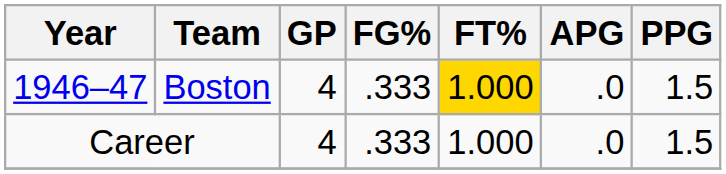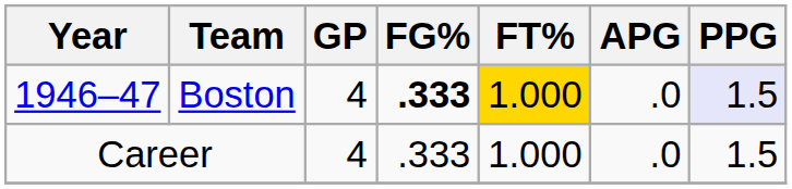 <table class="wikitable sortable" style="font-size:95%; text-align:right;">
 <tr>
 <th>Year</th>
 <th>Team</th>
 <th>GP</th>
 <th>FG%</th>
 <th>FT%</th>
 <th>APG</th>
 <th>PPG</th>
 </tr>
 <tr>
 <td style="text-align:left;"><a href='#'>1946–47</a></td>
 <td style="text-align:left;"><a href='#'>Boston</a></td>
 <td>4</td>
-<td>.333</td>
+<td><strong>.333</strong></td>
 <td style="background: gold;">1.000</td>
 <td>.0</td>
-<td>1.5</td>
+<td style="background: lavender;">1.5</td>
 </tr>
 <tr>
 <td style="text-align:center;" colspan="2">Career</td>
 <td>4</td>
 <td>.333</td>
 <td>1.000</td>
 <td>.0</td>
 <td>1.5</td>
 </tr>
 <tr>
 </tr>
 </table>
